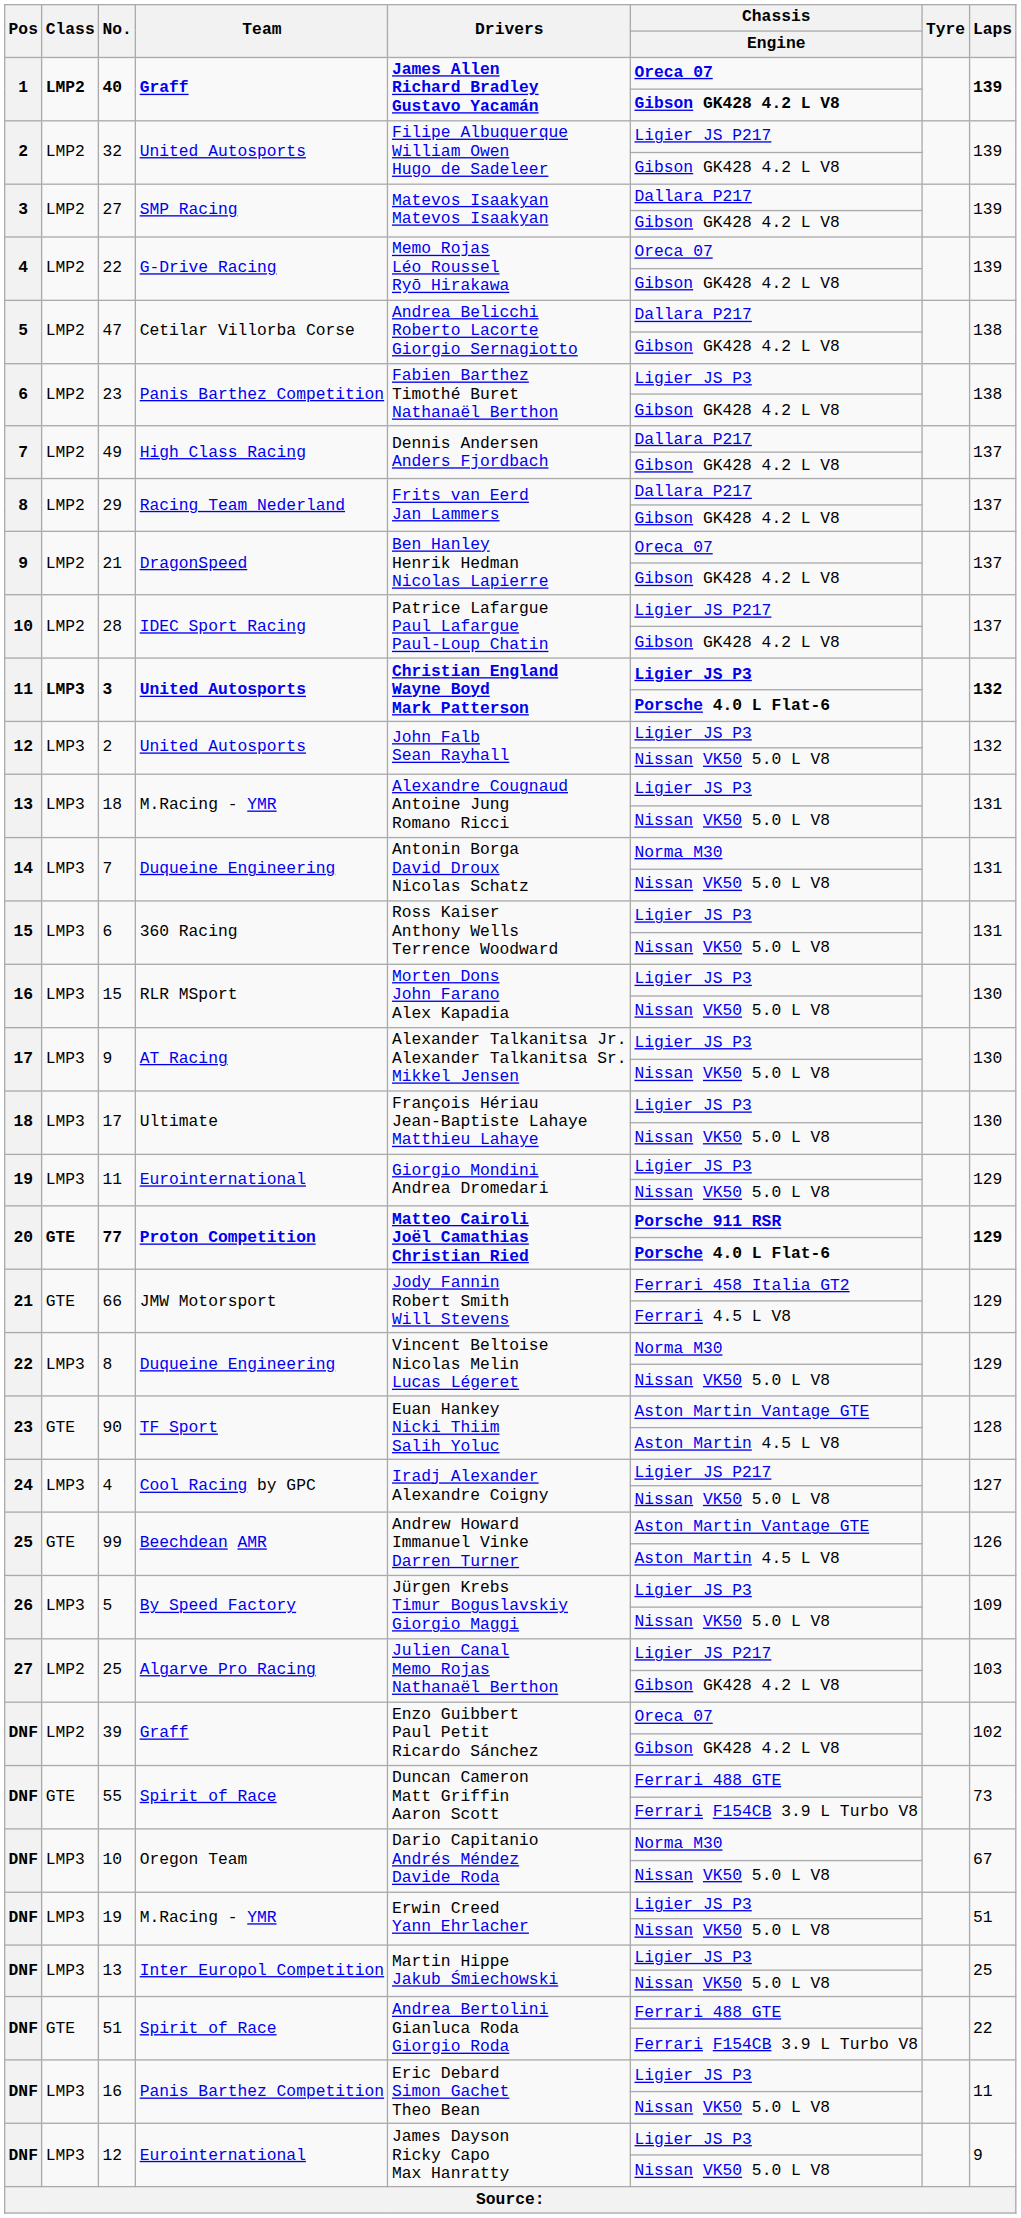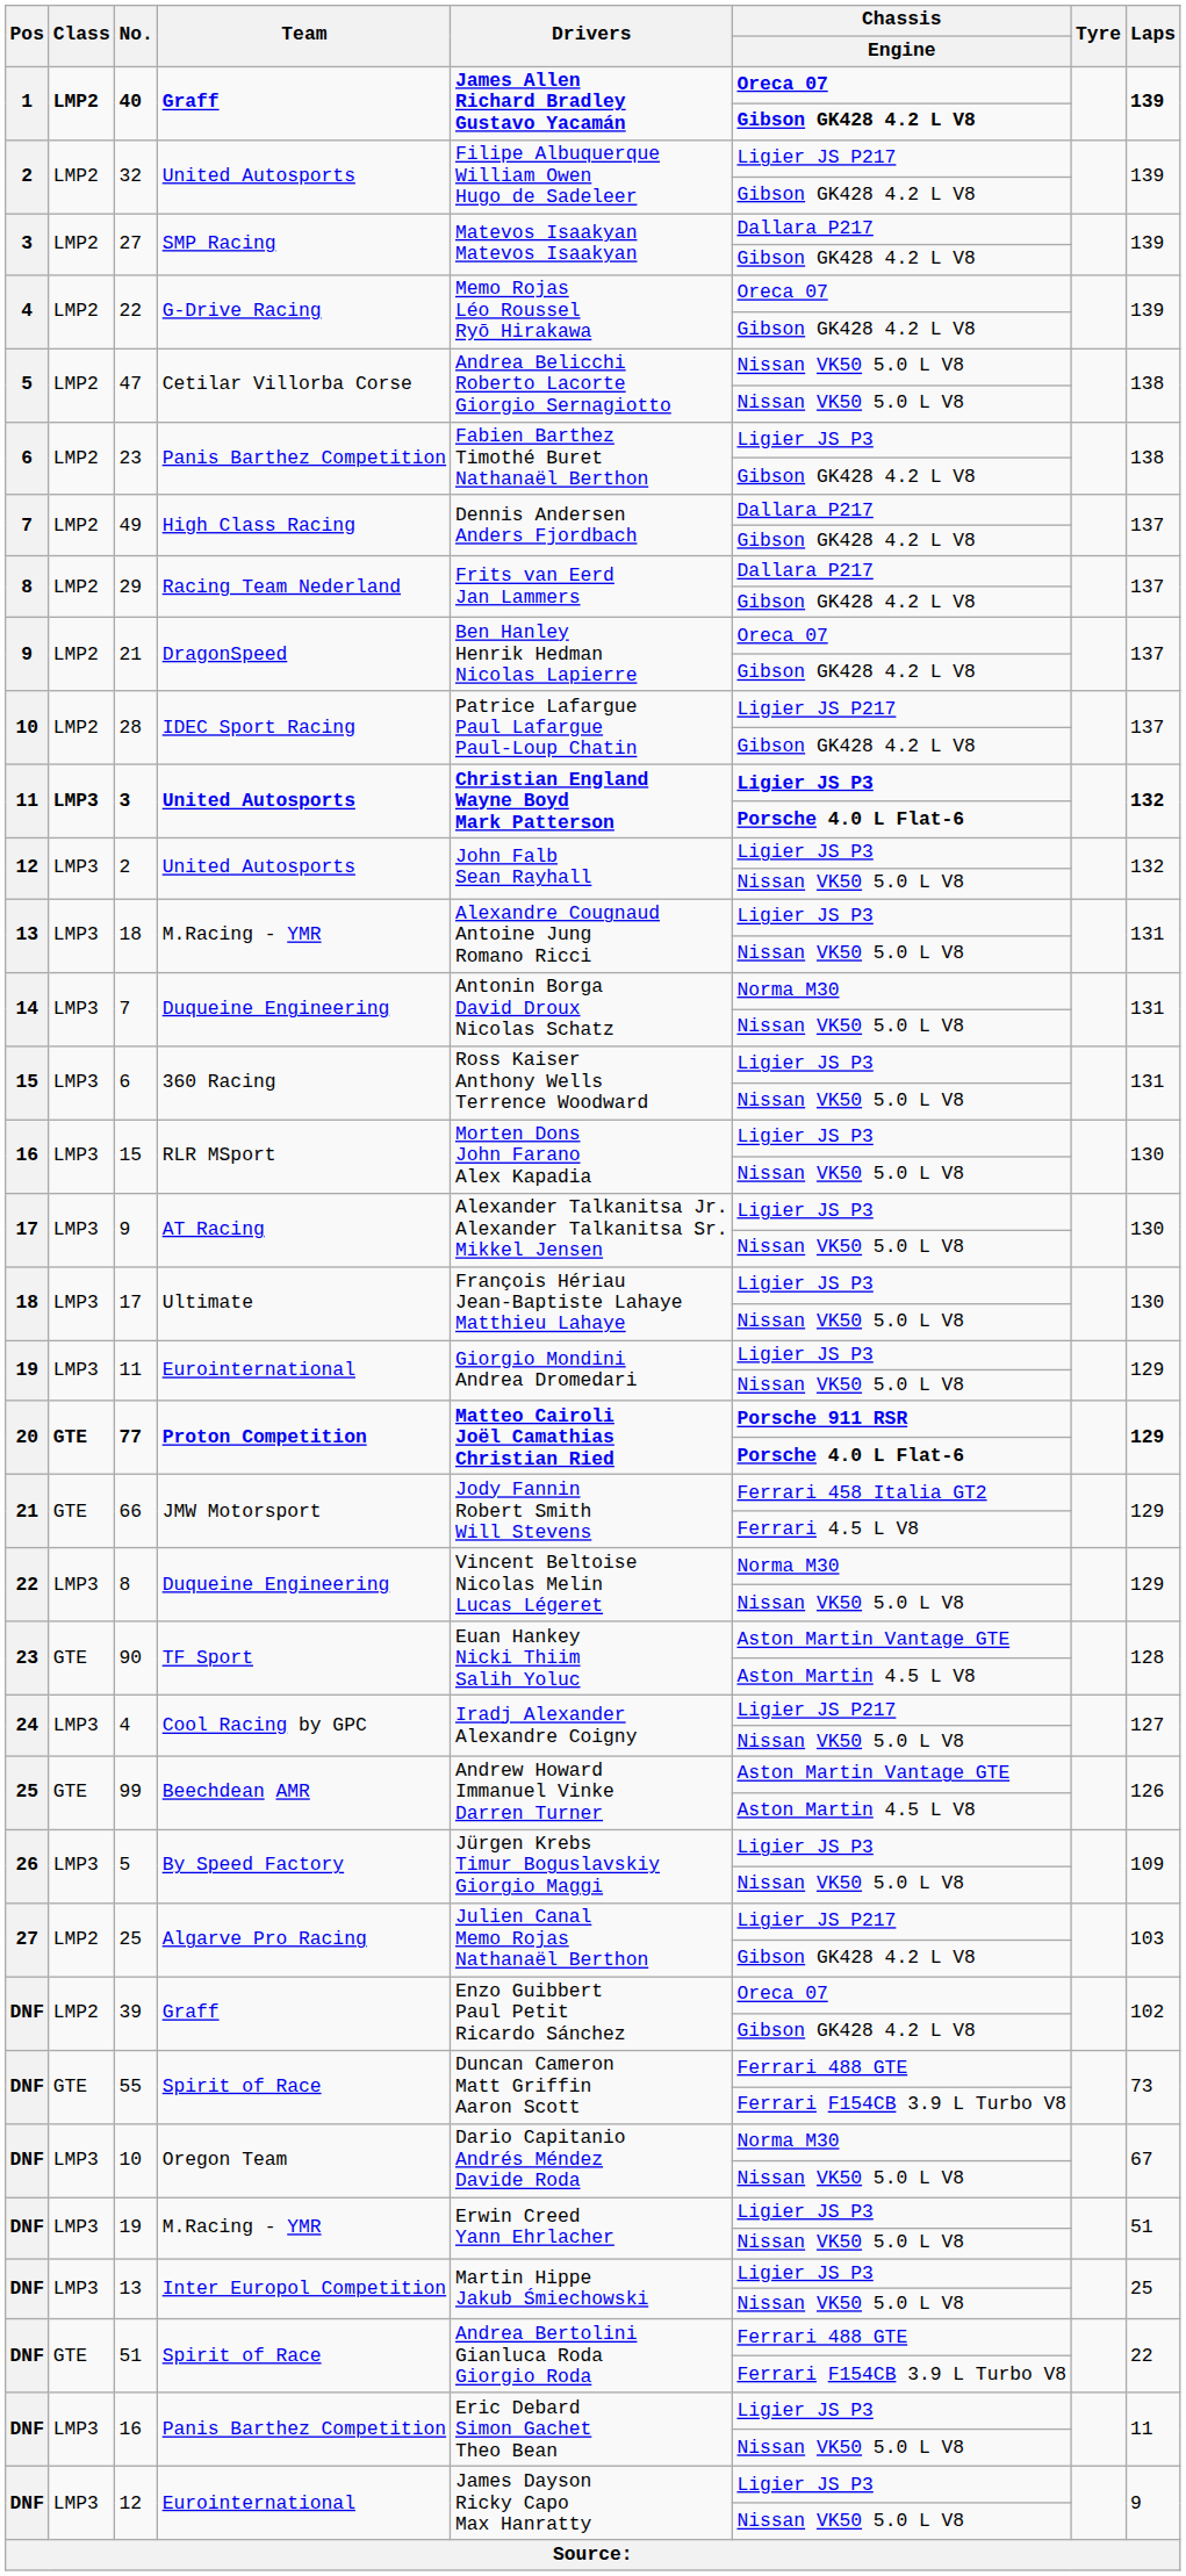 <table class="wikitable" style="font-size: 95%;">
 <tr>
 <th rowspan=2>Pos</th>
 <th rowspan=2>Class</th>
 <th rowspan=2>No.</th>
 <th rowspan=2>Team</th>
 <th rowspan=2>Drivers</th>
 <th>Chassis</th>
 <th rowspan=2>Tyre</th>
 <th rowspan=2>Laps</th>
 </tr>
 <tr>
 <th>Engine</th>
 </tr>
 <tr>
 <th rowspan=2>1</th>
 <td rowspan=2><strong>LMP2</strong></td>
 <td rowspan=2><strong>40</strong></td>
 <td rowspan=2><strong> <a href='#'>Graff</a></strong></td>
 <td rowspan=2><strong> <a href='#'>James Allen</a><br> <a href='#'>Richard Bradley</a><br> <a href='#'>Gustavo Yacamán</a></strong></td>
 <td><strong><a href='#'>Oreca 07</a></strong></td>
 <td rowspan=2></td>
 <td rowspan=2><strong>139</strong></td>
 </tr>
 <tr>
 <td><strong><a href='#'>Gibson</a> GK428 4.2 L V8</strong></td>
 </tr>
 <tr>
 <th rowspan=2>2</th>
 <td rowspan=2>LMP2</td>
 <td rowspan=2>32</td>
 <td rowspan=2> <a href='#'>United Autosports</a></td>
 <td rowspan=2> <a href='#'>Filipe Albuquerque</a><br> <a href='#'>William Owen</a><br> <a href='#'>Hugo de Sadeleer</a></td>
 <td><a href='#'>Ligier JS P217</a></td>
 <td rowspan=2></td>
 <td rowspan=2>139</td>
 </tr>
 <tr>
 <td><a href='#'>Gibson</a> GK428 4.2 L V8</td>
 </tr>
 <tr>
 <th rowspan=2>3</th>
 <td rowspan=2>LMP2</td>
 <td rowspan=2>27</td>
 <td rowspan=2> <a href='#'>SMP Racing</a></td>
 <td rowspan=2> <a href='#'>Matevos Isaakyan</a><br> <a href='#'>Matevos Isaakyan</a></td>
 <td><a href='#'>Dallara P217</a></td>
 <td rowspan=2></td>
 <td rowspan=2>139</td>
 </tr>
 <tr>
 <td><a href='#'>Gibson</a> GK428 4.2 L V8</td>
 </tr>
 <tr>
 <th rowspan=2>4</th>
 <td rowspan=2>LMP2</td>
 <td rowspan=2>22</td>
 <td rowspan=2> <a href='#'>G-Drive Racing</a></td>
 <td rowspan=2> <a href='#'>Memo Rojas</a><br> <a href='#'>Léo Roussel</a><br> <a href='#'>Ryō Hirakawa</a></td>
 <td><a href='#'>Oreca 07</a></td>
 <td rowspan=2></td>
 <td rowspan=2>139</td>
 </tr>
 <tr>
 <td><a href='#'>Gibson</a> GK428 4.2 L V8</td>
 </tr>
 <tr>
 <th rowspan=2>5</th>
 <td rowspan=2>LMP2</td>
 <td rowspan=2>47</td>
 <td rowspan=2> Cetilar Villorba Corse</td>
 <td rowspan=2> <a href='#'>Andrea Belicchi</a><br> <a href='#'>Roberto Lacorte</a><br> <a href='#'>Giorgio Sernagiotto</a></td>
-<td><a href='#'>Dallara P217</a></td>
+<td><a href='#'>Nissan</a> <a href='#'>VK50</a> 5.0 L V8</td>
 <td rowspan=2></td>
 <td rowspan=2>138</td>
 </tr>
 <tr>
-<td><a href='#'>Gibson</a> GK428 4.2 L V8</td>
+<td><a href='#'>Nissan</a> <a href='#'>VK50</a> 5.0 L V8</td>
 </tr>
 <tr>
 <th rowspan=2>6</th>
 <td rowspan=2>LMP2</td>
 <td rowspan=2>23</td>
 <td rowspan=2> <a href='#'>Panis Barthez Competition</a></td>
 <td rowspan=2> <a href='#'>Fabien Barthez</a><br> Timothé Buret<br> <a href='#'>Nathanaël Berthon</a></td>
 <td><a href='#'>Ligier JS P3</a></td>
 <td rowspan=2></td>
 <td rowspan=2>138</td>
 </tr>
 <tr>
 <td><a href='#'>Gibson</a> GK428 4.2 L V8</td>
 </tr>
 <tr>
 <th rowspan=2>7</th>
 <td rowspan=2>LMP2</td>
 <td rowspan=2>49</td>
 <td rowspan=2> <a href='#'>High Class Racing</a></td>
 <td rowspan=2> Dennis Andersen<br> <a href='#'>Anders Fjordbach</a></td>
 <td><a href='#'>Dallara P217</a></td>
 <td rowspan=2></td>
 <td rowspan=2>137</td>
 </tr>
 <tr>
 <td><a href='#'>Gibson</a> GK428 4.2 L V8</td>
 </tr>
 <tr>
 <th rowspan=2>8</th>
 <td rowspan=2>LMP2</td>
 <td rowspan=2>29</td>
 <td rowspan=2> <a href='#'>Racing Team Nederland</a></td>
 <td rowspan=2> <a href='#'>Frits van Eerd</a><br> <a href='#'>Jan Lammers</a></td>
 <td><a href='#'>Dallara P217</a></td>
 <td rowspan=2></td>
 <td rowspan=2>137</td>
 </tr>
 <tr>
 <td><a href='#'>Gibson</a> GK428 4.2 L V8</td>
 </tr>
 <tr>
 <th rowspan=2>9</th>
 <td rowspan=2>LMP2</td>
 <td rowspan=2>21</td>
 <td rowspan=2> <a href='#'>DragonSpeed</a></td>
 <td rowspan=2> <a href='#'>Ben Hanley</a><br> Henrik Hedman<br> <a href='#'>Nicolas Lapierre</a></td>
 <td><a href='#'>Oreca 07</a></td>
 <td rowspan=2></td>
 <td rowspan=2>137</td>
 </tr>
 <tr>
 <td><a href='#'>Gibson</a> GK428 4.2 L V8</td>
 </tr>
 <tr>
 <th rowspan=2>10</th>
 <td rowspan=2>LMP2</td>
 <td rowspan=2>28</td>
 <td rowspan=2> <a href='#'>IDEC Sport Racing</a></td>
 <td rowspan=2> Patrice Lafargue<br> <a href='#'>Paul Lafargue</a><br> <a href='#'>Paul-Loup Chatin</a></td>
 <td><a href='#'>Ligier JS P217</a></td>
 <td rowspan=2></td>
 <td rowspan=2>137</td>
 </tr>
 <tr>
 <td><a href='#'>Gibson</a> GK428 4.2 L V8</td>
 </tr>
 <tr>
 <th rowspan=2>11</th>
 <td rowspan=2><strong>LMP3</strong></td>
 <td rowspan=2><strong>3</strong></td>
 <td rowspan=2><strong> <a href='#'>United Autosports</a></strong></td>
 <td rowspan=2><strong> <a href='#'>Christian England</a><br> <a href='#'>Wayne Boyd</a><br> <a href='#'>Mark Patterson</a></strong></td>
 <td><strong><a href='#'>Ligier JS P3</a></strong></td>
 <td rowspan=2></td>
 <td rowspan=2><strong>132</strong></td>
 </tr>
 <tr>
 <td><strong><a href='#'>Porsche</a> 4.0 L Flat-6</strong></td>
 </tr>
 <tr>
 <th rowspan=2>12</th>
 <td rowspan=2>LMP3</td>
 <td rowspan=2>2</td>
 <td rowspan=2> <a href='#'>United Autosports</a></td>
 <td rowspan=2> <a href='#'>John Falb</a><br> <a href='#'>Sean Rayhall</a></td>
 <td><a href='#'>Ligier JS P3</a></td>
 <td rowspan=2></td>
 <td rowspan=2>132</td>
 </tr>
 <tr>
 <td><a href='#'>Nissan</a> <a href='#'>VK50</a> 5.0 L V8</td>
 </tr>
 <tr>
 <th rowspan=2>13</th>
 <td rowspan=2>LMP3</td>
 <td rowspan=2>18</td>
 <td rowspan=2> M.Racing - <a href='#'>YMR</a></td>
 <td rowspan=2> <a href='#'>Alexandre Cougnaud</a><br> Antoine Jung<br> Romano Ricci</td>
 <td><a href='#'>Ligier JS P3</a></td>
 <td rowspan=2></td>
 <td rowspan=2>131</td>
 </tr>
 <tr>
 <td><a href='#'>Nissan</a> <a href='#'>VK50</a> 5.0 L V8</td>
 </tr>
 <tr>
 <th rowspan=2>14</th>
 <td rowspan=2>LMP3</td>
 <td rowspan=2>7</td>
 <td rowspan=2> <a href='#'>Duqueine Engineering</a></td>
 <td rowspan=2> Antonin Borga<br> <a href='#'>David Droux</a><br> Nicolas Schatz</td>
 <td><a href='#'>Norma M30</a></td>
 <td rowspan=2></td>
 <td rowspan=2>131</td>
 </tr>
 <tr>
 <td><a href='#'>Nissan</a> <a href='#'>VK50</a> 5.0 L V8</td>
 </tr>
 <tr>
 <th rowspan=2>15</th>
 <td rowspan=2>LMP3</td>
 <td rowspan=2>6</td>
 <td rowspan=2> 360 Racing</td>
 <td rowspan=2> Ross Kaiser<br> Anthony Wells<br> Terrence Woodward</td>
 <td><a href='#'>Ligier JS P3</a></td>
 <td rowspan=2></td>
 <td rowspan=2>131</td>
 </tr>
 <tr>
 <td><a href='#'>Nissan</a> <a href='#'>VK50</a> 5.0 L V8</td>
 </tr>
 <tr>
 <th rowspan=2>16</th>
 <td rowspan=2>LMP3</td>
 <td rowspan=2>15</td>
 <td rowspan=2> RLR MSport</td>
 <td rowspan=2> <a href='#'>Morten Dons</a><br> <a href='#'>John Farano</a><br> Alex Kapadia</td>
 <td><a href='#'>Ligier JS P3</a></td>
 <td rowspan=2></td>
 <td rowspan=2>130</td>
 </tr>
 <tr>
 <td><a href='#'>Nissan</a> <a href='#'>VK50</a> 5.0 L V8</td>
 </tr>
 <tr>
 <th rowspan=2>17</th>
 <td rowspan=2>LMP3</td>
 <td rowspan=2>9</td>
 <td rowspan=2> <a href='#'>AT Racing</a></td>
 <td rowspan=2> Alexander Talkanitsa Jr.<br> Alexander Talkanitsa Sr.<br> <a href='#'>Mikkel Jensen</a></td>
 <td><a href='#'>Ligier JS P3</a></td>
 <td rowspan=2></td>
 <td rowspan=2>130</td>
 </tr>
 <tr>
 <td><a href='#'>Nissan</a> <a href='#'>VK50</a> 5.0 L V8</td>
 </tr>
 <tr>
 <th rowspan=2>18</th>
 <td rowspan=2>LMP3</td>
 <td rowspan=2>17</td>
 <td rowspan=2> Ultimate</td>
 <td rowspan=2> François Hériau<br> Jean-Baptiste Lahaye<br> <a href='#'>Matthieu Lahaye</a></td>
 <td><a href='#'>Ligier JS P3</a></td>
 <td rowspan=2></td>
 <td rowspan=2>130</td>
 </tr>
 <tr>
 <td><a href='#'>Nissan</a> <a href='#'>VK50</a> 5.0 L V8</td>
 </tr>
 <tr>
 <th rowspan=2>19</th>
 <td rowspan=2>LMP3</td>
 <td rowspan=2>11</td>
 <td rowspan=2> <a href='#'>Eurointernational</a></td>
 <td rowspan=2> <a href='#'>Giorgio Mondini</a><br> Andrea Dromedari</td>
 <td><a href='#'>Ligier JS P3</a></td>
 <td rowspan=2></td>
 <td rowspan=2>129</td>
 </tr>
 <tr>
 <td><a href='#'>Nissan</a> <a href='#'>VK50</a> 5.0 L V8</td>
 </tr>
 <tr>
 <th rowspan=2>20</th>
 <td rowspan=2><strong>GTE</strong></td>
 <td rowspan=2><strong>77</strong></td>
 <td rowspan=2><strong> <a href='#'>Proton Competition</a></strong></td>
 <td rowspan=2><strong> <a href='#'>Matteo Cairoli</a><br> <a href='#'>Joël Camathias</a><br> <a href='#'>Christian Ried</a></strong></td>
 <td><a href='#'><strong>Porsche 911 RSR</strong></a></td>
 <td rowspan=2></td>
 <td rowspan=2><strong>129</strong></td>
 </tr>
 <tr>
 <td><strong><a href='#'>Porsche</a> 4.0 L Flat-6</strong></td>
 </tr>
 <tr>
 <th rowspan=2>21</th>
 <td rowspan=2>GTE</td>
 <td rowspan=2>66</td>
 <td rowspan=2> JMW Motorsport</td>
 <td rowspan=2> <a href='#'>Jody Fannin</a><br> Robert Smith<br> <a href='#'>Will Stevens</a></td>
 <td><a href='#'>Ferrari 458 Italia GT2</a></td>
 <td rowspan=2></td>
 <td rowspan=2>129</td>
 </tr>
 <tr>
 <td><a href='#'>Ferrari</a> 4.5 L V8</td>
 </tr>
 <tr>
 <th rowspan=2>22</th>
 <td rowspan=2>LMP3</td>
 <td rowspan=2>8</td>
 <td rowspan=2> <a href='#'>Duqueine Engineering</a></td>
 <td rowspan=2> Vincent Beltoise<br> Nicolas Melin<br> <a href='#'>Lucas Légeret</a></td>
 <td><a href='#'>Norma M30</a></td>
 <td rowspan=2></td>
 <td rowspan=2>129</td>
 </tr>
 <tr>
 <td><a href='#'>Nissan</a> <a href='#'>VK50</a> 5.0 L V8</td>
 </tr>
 <tr>
 <th rowspan=2>23</th>
 <td rowspan=2>GTE</td>
 <td rowspan=2>90</td>
 <td rowspan=2> <a href='#'>TF Sport</a></td>
 <td rowspan=2> Euan Hankey<br> <a href='#'>Nicki Thiim</a><br> <a href='#'>Salih Yoluc</a></td>
 <td><a href='#'>Aston Martin Vantage GTE</a></td>
 <td rowspan=2></td>
 <td rowspan=2>128</td>
 </tr>
 <tr>
 <td><a href='#'>Aston Martin</a> 4.5 L V8</td>
 </tr>
 <tr>
 <th rowspan=2>24</th>
 <td rowspan=2>LMP3</td>
 <td rowspan=2>4</td>
 <td rowspan=2> <a href='#'>Cool Racing</a> by GPC</td>
 <td rowspan=2> <a href='#'>Iradj Alexander</a><br> Alexandre Coigny</td>
 <td><a href='#'>Ligier JS P217</a></td>
 <td rowspan=2></td>
 <td rowspan=2>127</td>
 </tr>
 <tr>
 <td><a href='#'>Nissan</a> <a href='#'>VK50</a> 5.0 L V8</td>
 </tr>
 <tr>
 <th rowspan=2>25</th>
 <td rowspan=2>GTE</td>
 <td rowspan=2>99</td>
 <td rowspan=2> <a href='#'>Beechdean</a> <a href='#'>AMR</a></td>
 <td rowspan=2> Andrew Howard<br> Immanuel Vinke<br> <a href='#'>Darren Turner</a></td>
 <td><a href='#'>Aston Martin Vantage GTE</a></td>
 <td rowspan=2></td>
 <td rowspan=2>126</td>
 </tr>
 <tr>
 <td><a href='#'>Aston Martin</a> 4.5 L V8</td>
 </tr>
 <tr>
 <th rowspan="2">26</th>
 <td rowspan="2">LMP3</td>
 <td rowspan="2">5</td>
 <td rowspan="2"> <a href='#'>By Speed Factory</a></td>
 <td rowspan="2"> Jürgen Krebs<br> <a href='#'>Timur Boguslavskiy</a><br> <a href='#'>Giorgio Maggi</a></td>
 <td><a href='#'>Ligier JS P3</a></td>
 <td rowspan="2"></td>
 <td rowspan="2">109</td>
 </tr>
 <tr>
 <td><a href='#'>Nissan</a> <a href='#'>VK50</a> 5.0 L V8</td>
 </tr>
 <tr>
 <th rowspan="2">27</th>
 <td rowspan="2">LMP2</td>
 <td rowspan="2">25</td>
 <td rowspan="2"> <a href='#'>Algarve Pro Racing</a></td>
 <td rowspan="2"> <a href='#'>Julien Canal</a><br> <a href='#'>Memo Rojas</a><br> <a href='#'>Nathanaël Berthon</a></td>
 <td><a href='#'>Ligier JS P217</a></td>
 <td rowspan="2"></td>
 <td rowspan="2">103</td>
 </tr>
 <tr>
 <td><a href='#'>Gibson</a> GK428 4.2 L V8</td>
 </tr>
 <tr>
 <th rowspan="2">DNF</th>
 <td rowspan="2">LMP2</td>
 <td rowspan="2">39</td>
 <td rowspan="2"> <a href='#'>Graff</a></td>
 <td rowspan="2"> Enzo Guibbert<br> Paul Petit<br> Ricardo Sánchez</td>
 <td><a href='#'>Oreca 07</a></td>
 <td rowspan="2"></td>
 <td rowspan="2">102</td>
 </tr>
 <tr>
 <td><a href='#'>Gibson</a> GK428 4.2 L V8</td>
 </tr>
 <tr>
 <th rowspan="2">DNF</th>
 <td rowspan="2">GTE</td>
 <td rowspan="2">55</td>
 <td rowspan="2"> <a href='#'>Spirit of Race</a></td>
 <td rowspan="2"> Duncan Cameron<br> Matt Griffin<br> Aaron Scott</td>
 <td><a href='#'>Ferrari 488 GTE</a></td>
 <td rowspan="2"></td>
 <td rowspan="2">73</td>
 </tr>
 <tr>
 <td><a href='#'>Ferrari</a> <a href='#'>F154CB</a> 3.9 L Turbo V8</td>
 </tr>
 <tr>
 <th rowspan="2">DNF</th>
 <td rowspan="2">LMP3</td>
 <td rowspan="2">10</td>
 <td rowspan="2"> Oregon Team</td>
 <td rowspan="2"> Dario Capitanio<br> <a href='#'>Andrés Méndez</a><br> <a href='#'>Davide Roda</a></td>
 <td><a href='#'>Norma M30</a></td>
 <td rowspan="2"></td>
 <td rowspan="2">67</td>
 </tr>
 <tr>
 <td><a href='#'>Nissan</a> <a href='#'>VK50</a> 5.0 L V8</td>
 </tr>
 <tr>
 <th rowspan="2">DNF</th>
 <td rowspan="2">LMP3</td>
 <td rowspan="2">19</td>
 <td rowspan="2"> M.Racing - <a href='#'>YMR</a></td>
 <td rowspan="2"> Erwin Creed<br> <a href='#'>Yann Ehrlacher</a></td>
 <td><a href='#'>Ligier JS P3</a></td>
 <td rowspan="2"></td>
 <td rowspan="2">51</td>
 </tr>
 <tr>
 <td><a href='#'>Nissan</a> <a href='#'>VK50</a> 5.0 L V8</td>
 </tr>
 <tr>
 <th rowspan="2">DNF</th>
 <td rowspan="2">LMP3</td>
 <td rowspan="2">13</td>
 <td rowspan="2"> <a href='#'>Inter Europol Competition</a></td>
 <td rowspan="2"> Martin Hippe<br> <a href='#'>Jakub Śmiechowski</a></td>
 <td><a href='#'>Ligier JS P3</a></td>
 <td rowspan="2"></td>
 <td rowspan="2">25</td>
 </tr>
 <tr>
 <td><a href='#'>Nissan</a> <a href='#'>VK50</a> 5.0 L V8</td>
 </tr>
 <tr>
 <th rowspan="2">DNF</th>
 <td rowspan="2">GTE</td>
 <td rowspan="2">51</td>
 <td rowspan="2"> <a href='#'>Spirit of Race</a></td>
 <td rowspan="2"> <a href='#'>Andrea Bertolini</a><br> Gianluca Roda<br> <a href='#'>Giorgio Roda</a></td>
 <td><a href='#'>Ferrari 488 GTE</a></td>
 <td rowspan="2"></td>
 <td rowspan="2">22</td>
 </tr>
 <tr>
 <td><a href='#'>Ferrari</a> <a href='#'>F154CB</a> 3.9 L Turbo V8</td>
 </tr>
 <tr>
 <th rowspan="2">DNF</th>
 <td rowspan="2">LMP3</td>
 <td rowspan="2">16</td>
 <td rowspan="2"> <a href='#'>Panis Barthez Competition</a></td>
 <td rowspan="2"> Eric Debard<br> <a href='#'>Simon Gachet</a><br> Theo Bean</td>
 <td><a href='#'>Ligier JS P3</a></td>
 <td rowspan="2"></td>
 <td rowspan="2">11</td>
 </tr>
 <tr>
 <td><a href='#'>Nissan</a> <a href='#'>VK50</a> 5.0 L V8</td>
 </tr>
 <tr>
 <th rowspan="2">DNF</th>
 <td rowspan="2">LMP3</td>
 <td rowspan="2">12</td>
 <td rowspan="2"> <a href='#'>Eurointernational</a></td>
 <td rowspan="2"> James Dayson<br> Ricky Capo<br> Max Hanratty</td>
 <td><a href='#'>Ligier JS P3</a></td>
 <td rowspan="2"></td>
 <td rowspan="2">9</td>
 </tr>
 <tr>
 <td><a href='#'>Nissan</a> <a href='#'>VK50</a> 5.0 L V8</td>
 </tr>
 <tr>
 <th colspan="8">Source:</th>
 </tr>
 </table>
